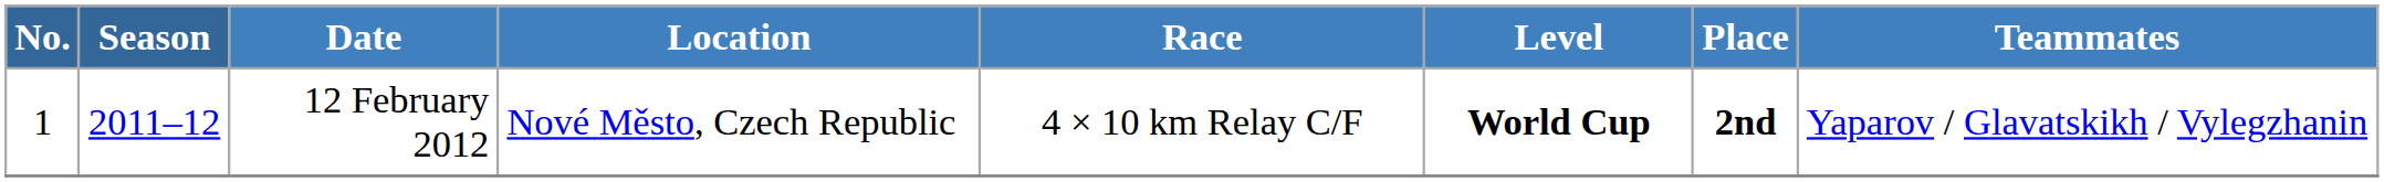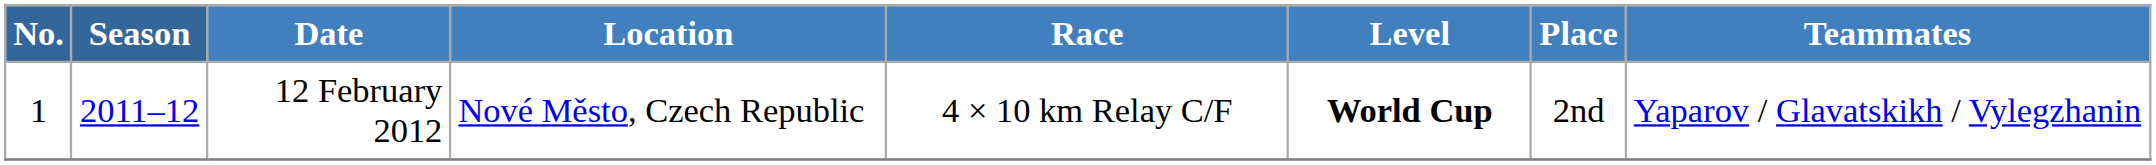 <table class="wikitable sortable" style="font-size:95%; text-align:center; border:grey solid 1px; border-collapse:collapse; background:#ffffff;">
 <tr style="background:#efefef;">
 <th style="background-color:#369; color:white;">No.</th>
 <th style="background-color:#369; color:white;">Season</th>
 <th style="background-color:#4180be; color:white; width:100px;">Date</th>
 <th style="background-color:#4180be; color:white; width:185px;">Location</th>
 <th style="background-color:#4180be; color:white; width:170px;">Race</th>
 <th style="background-color:#4180be; color:white; width:100px;">Level</th>
 <th style="background-color:#4180be; color:white;">Place</th>
 <th style="background-color:#4180be; color:white;">Teammates</th>
 </tr>
 <tr>
 <td align=center>1</td>
 <td rowspan=1align=center><a href='#'>2011–12</a></td>
 <td align=right>12 February 2012</td>
 <td align=left> <a href='#'>Nové Město</a>, Czech Republic</td>
 <td>4 × 10 km Relay C/F</td>
 <td><strong>World Cup</strong></td>
-<td><strong>2nd</strong></td>
+<td>2nd</td>
 <td><a href='#'>Yaparov</a> / <a href='#'>Glavatskikh</a> / <a href='#'>Vylegzhanin</a></td>
 </tr>
 <tr>
 </tr>
 </table>
